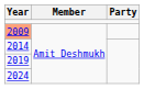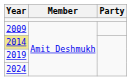 <table class="wikitable">
 <tr>
 <th>Year</th>
 <th>Member</th>
 <th colspan="2">Party</th>
 </tr>
 <tr>
 <td colspan="4"></td>
 </tr>
 <tr>
-<td style="background: lightsalmon;"><a href='#'>2009</a></td>
+<td><a href='#'>2009</a></td>
 <td rowspan=4><a href='#'>Amit Deshmukh</a></td>
 <td></td>
 </tr>
 <tr>
-<td><a href='#'>2014</a></td>
+<td style="background: khaki;"><a href='#'>2014</a></td>
 </tr>
 <tr>
 <td><a href='#'>2019</a></td>
 </tr>
 <tr>
 <td><a href='#'>2024</a></td>
 </tr>
 </table>
